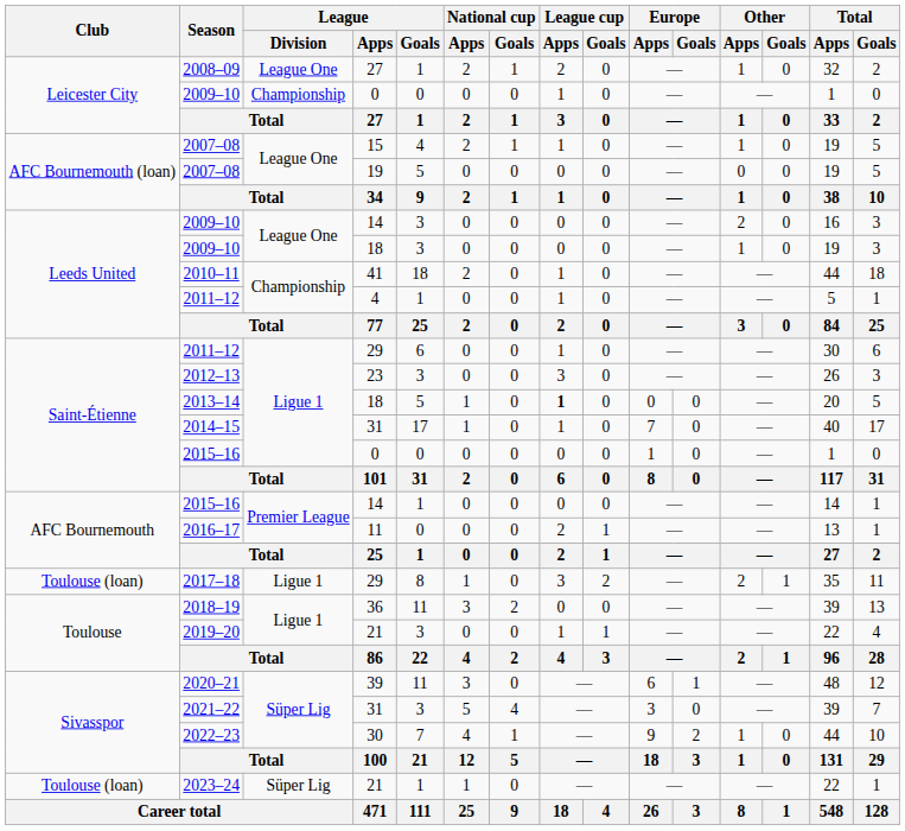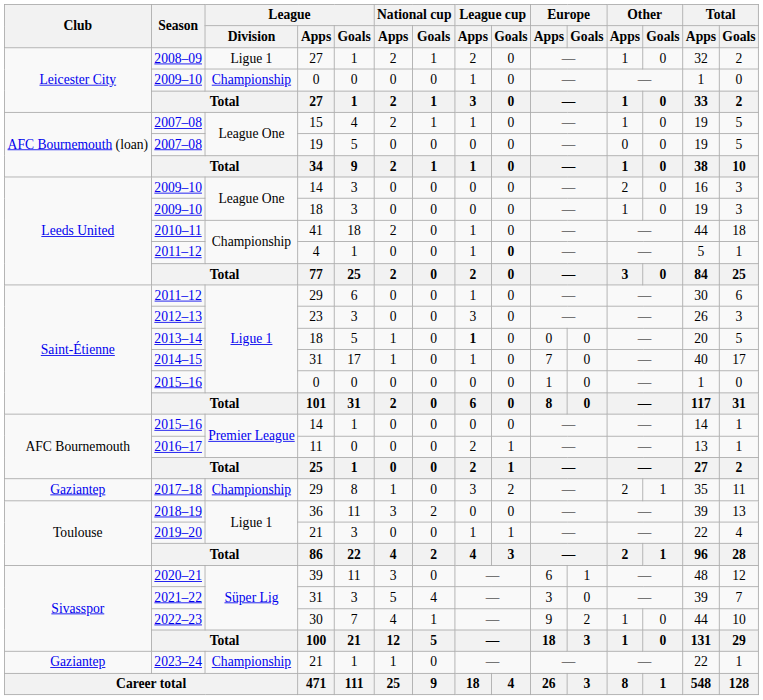 <table class="wikitable" style="text-align: center">
 <tr>
 <th rowspan="2">Club</th>
 <th rowspan="2">Season</th>
 <th colspan="3">League</th>
 <th colspan="2">National cup</th>
 <th colspan="2">League cup</th>
 <th colspan="2">Europe</th>
 <th colspan="2">Other</th>
 <th colspan="2">Total</th>
 </tr>
 <tr>
 <th>Division</th>
 <th>Apps</th>
 <th>Goals</th>
 <th>Apps</th>
 <th>Goals</th>
 <th>Apps</th>
 <th>Goals</th>
 <th>Apps</th>
 <th>Goals</th>
 <th>Apps</th>
 <th>Goals</th>
 <th>Apps</th>
 <th>Goals</th>
 </tr>
 <tr>
 <td rowspan="3"><a href='#'>Leicester City</a></td>
 <td><a href='#'>2008–09</a></td>
-<td><a href='#'>League One</a></td>
+<td>Ligue 1</td>
 <td>27</td>
 <td>1</td>
 <td>2</td>
 <td>1</td>
 <td>2</td>
 <td>0</td>
 <td colspan="2">—</td>
 <td>1</td>
 <td>0</td>
 <td>32</td>
 <td>2</td>
 </tr>
 <tr>
 <td><a href='#'>2009–10</a></td>
 <td><a href='#'>Championship</a></td>
 <td>0</td>
 <td>0</td>
 <td>0</td>
 <td>0</td>
 <td>1</td>
 <td>0</td>
 <td colspan="2">—</td>
 <td colspan="2">—</td>
 <td>1</td>
 <td>0</td>
 </tr>
 <tr>
 <th colspan="2">Total</th>
 <th>27</th>
 <th>1</th>
 <th>2</th>
 <th>1</th>
 <th>3</th>
 <th>0</th>
 <th colspan="2">—</th>
 <th>1</th>
 <th>0</th>
 <th>33</th>
 <th>2</th>
 </tr>
 <tr>
 <td rowspan="3"><a href='#'>AFC Bournemouth</a> (loan)</td>
 <td><a href='#'>2007–08</a></td>
 <td rowspan="2">League One</td>
 <td>15</td>
 <td>4</td>
 <td>2</td>
 <td>1</td>
 <td>1</td>
 <td>0</td>
 <td colspan="2">—</td>
 <td>1</td>
 <td>0</td>
 <td>19</td>
 <td>5</td>
 </tr>
 <tr>
 <td><a href='#'>2007–08</a></td>
 <td>19</td>
 <td>5</td>
 <td>0</td>
 <td>0</td>
 <td>0</td>
 <td>0</td>
 <td colspan="2">—</td>
 <td>0</td>
 <td>0</td>
 <td>19</td>
 <td>5</td>
 </tr>
 <tr>
 <th colspan="2">Total</th>
 <th>34</th>
 <th>9</th>
 <th>2</th>
 <th>1</th>
 <th>1</th>
 <th>0</th>
 <th colspan="2">—</th>
 <th>1</th>
 <th>0</th>
 <th>38</th>
 <th>10</th>
 </tr>
 <tr>
 <td rowspan="5"><a href='#'>Leeds United</a></td>
 <td><a href='#'>2009–10</a></td>
 <td rowspan="2">League One</td>
 <td>14</td>
 <td>3</td>
 <td>0</td>
 <td>0</td>
 <td>0</td>
 <td>0</td>
 <td colspan="2">—</td>
 <td>2</td>
 <td>0</td>
 <td>16</td>
 <td>3</td>
 </tr>
 <tr>
 <td><a href='#'>2009–10</a></td>
 <td>18</td>
 <td>3</td>
 <td>0</td>
 <td>0</td>
 <td>0</td>
 <td>0</td>
 <td colspan="2">—</td>
 <td>1</td>
 <td>0</td>
 <td>19</td>
 <td>3</td>
 </tr>
 <tr>
 <td><a href='#'>2010–11</a></td>
 <td rowspan="2">Championship</td>
 <td>41</td>
 <td>18</td>
 <td>2</td>
 <td>0</td>
 <td>1</td>
 <td>0</td>
 <td colspan="2">—</td>
 <td colspan="2">—</td>
 <td>44</td>
 <td>18</td>
 </tr>
 <tr>
 <td><a href='#'>2011–12</a></td>
 <td>4</td>
 <td>1</td>
 <td>0</td>
 <td>0</td>
 <td>1</td>
-<td>0</td>
+<td><strong>0</strong></td>
 <td colspan="2">—</td>
 <td colspan="2">—</td>
 <td>5</td>
 <td>1</td>
 </tr>
 <tr>
 <th colspan="2">Total</th>
 <th>77</th>
 <th>25</th>
 <th>2</th>
 <th>0</th>
 <th>2</th>
 <th>0</th>
 <th colspan="2">—</th>
 <th>3</th>
 <th>0</th>
 <th>84</th>
 <th>25</th>
 </tr>
 <tr>
 <td rowspan="6"><a href='#'>Saint-Étienne</a></td>
 <td><a href='#'>2011–12</a></td>
 <td rowspan="5"><a href='#'>Ligue 1</a></td>
 <td>29</td>
 <td>6</td>
 <td>0</td>
 <td>0</td>
 <td>1</td>
 <td>0</td>
 <td colspan="2">—</td>
 <td colspan="2">—</td>
 <td>30</td>
 <td>6</td>
 </tr>
 <tr>
 <td><a href='#'>2012–13</a></td>
 <td>23</td>
 <td>3</td>
 <td>0</td>
 <td>0</td>
 <td>3</td>
 <td>0</td>
 <td colspan="2">—</td>
 <td colspan="2">—</td>
 <td>26</td>
 <td>3</td>
 </tr>
 <tr>
 <td><a href='#'>2013–14</a></td>
 <td>18</td>
 <td>5</td>
 <td>1</td>
 <td>0</td>
 <td><strong>1</strong></td>
 <td>0</td>
 <td>0</td>
 <td>0</td>
 <td colspan="2">—</td>
 <td>20</td>
 <td>5</td>
 </tr>
 <tr>
 <td><a href='#'>2014–15</a></td>
 <td>31</td>
 <td>17</td>
 <td>1</td>
 <td>0</td>
 <td>1</td>
 <td>0</td>
 <td>7</td>
 <td>0</td>
 <td colspan="2">—</td>
 <td>40</td>
 <td>17</td>
 </tr>
 <tr>
 <td><a href='#'>2015–16</a></td>
 <td>0</td>
 <td>0</td>
 <td>0</td>
 <td>0</td>
 <td>0</td>
 <td>0</td>
 <td>1</td>
 <td>0</td>
 <td colspan="2">—</td>
 <td>1</td>
 <td>0</td>
 </tr>
 <tr>
 <th colspan="2">Total</th>
 <th>101</th>
 <th>31</th>
 <th>2</th>
 <th>0</th>
 <th>6</th>
 <th>0</th>
 <th>8</th>
 <th>0</th>
 <th colspan="2">—</th>
 <th>117</th>
 <th>31</th>
 </tr>
 <tr>
 <td rowspan="3">AFC Bournemouth</td>
 <td><a href='#'>2015–16</a></td>
 <td rowspan="2"><a href='#'>Premier League</a></td>
 <td>14</td>
 <td>1</td>
 <td>0</td>
 <td>0</td>
 <td>0</td>
 <td>0</td>
 <td colspan="2">—</td>
 <td colspan="2">—</td>
 <td>14</td>
 <td>1</td>
 </tr>
 <tr>
 <td><a href='#'>2016–17</a></td>
 <td>11</td>
 <td>0</td>
 <td>0</td>
 <td>0</td>
 <td>2</td>
 <td>1</td>
 <td colspan="2">—</td>
 <td colspan="2">—</td>
 <td>13</td>
 <td>1</td>
 </tr>
 <tr>
 <th colspan="2">Total</th>
 <th>25</th>
 <th>1</th>
 <th>0</th>
 <th>0</th>
 <th>2</th>
 <th>1</th>
 <th colspan="2">—</th>
 <th colspan="2">—</th>
 <th>27</th>
 <th>2</th>
 </tr>
 <tr>
-<td><a href='#'>Toulouse</a> (loan)</td>
+<td><a href='#'>Gaziantep</a></td>
 <td><a href='#'>2017–18</a></td>
-<td>Ligue 1</td>
+<td><a href='#'>Championship</a></td>
 <td>29</td>
 <td>8</td>
 <td>1</td>
 <td>0</td>
 <td>3</td>
 <td>2</td>
 <td colspan="2">—</td>
 <td>2</td>
 <td>1</td>
 <td>35</td>
 <td>11</td>
 </tr>
 <tr>
 <td rowspan="3">Toulouse</td>
 <td><a href='#'>2018–19</a></td>
 <td rowspan="2">Ligue 1</td>
 <td>36</td>
 <td>11</td>
 <td>3</td>
 <td>2</td>
 <td>0</td>
 <td>0</td>
 <td colspan="2">—</td>
 <td colspan="2">—</td>
 <td>39</td>
 <td>13</td>
 </tr>
 <tr>
 <td><a href='#'>2019–20</a></td>
 <td>21</td>
 <td>3</td>
 <td>0</td>
 <td>0</td>
 <td>1</td>
 <td>1</td>
 <td colspan="2">—</td>
 <td colspan="2">—</td>
 <td>22</td>
 <td>4</td>
 </tr>
 <tr>
 <th colspan="2">Total</th>
 <th>86</th>
 <th>22</th>
 <th>4</th>
 <th>2</th>
 <th>4</th>
 <th>3</th>
 <th colspan="2">—</th>
 <th>2</th>
 <th>1</th>
 <th>96</th>
 <th>28</th>
 </tr>
 <tr>
 <td rowspan="4"><a href='#'>Sivasspor</a></td>
 <td><a href='#'>2020–21</a></td>
 <td rowspan="3"><a href='#'>Süper Lig</a></td>
 <td>39</td>
 <td>11</td>
 <td>3</td>
 <td>0</td>
 <td colspan="2">—</td>
 <td>6</td>
 <td>1</td>
 <td colspan="2">—</td>
 <td>48</td>
 <td>12</td>
 </tr>
 <tr>
 <td><a href='#'>2021–22</a></td>
 <td>31</td>
 <td>3</td>
 <td>5</td>
 <td>4</td>
 <td colspan="2">—</td>
 <td>3</td>
 <td>0</td>
 <td colspan="2">—</td>
 <td>39</td>
 <td>7</td>
 </tr>
 <tr>
 <td><a href='#'>2022–23</a></td>
 <td>30</td>
 <td>7</td>
 <td>4</td>
 <td>1</td>
 <td colspan="2">—</td>
 <td>9</td>
 <td>2</td>
 <td>1</td>
 <td>0</td>
 <td>44</td>
 <td>10</td>
 </tr>
 <tr>
 <th colspan="2">Total</th>
 <th>100</th>
 <th>21</th>
 <th>12</th>
 <th>5</th>
 <th colspan="2">—</th>
 <th>18</th>
 <th>3</th>
 <th>1</th>
 <th>0</th>
 <th>131</th>
 <th>29</th>
 </tr>
 <tr>
-<td><a href='#'>Toulouse</a> (loan)</td>
+<td><a href='#'>Gaziantep</a></td>
 <td><a href='#'>2023–24</a></td>
-<td>Süper Lig</td>
+<td><a href='#'>Championship</a></td>
 <td>21</td>
 <td>1</td>
 <td>1</td>
 <td>0</td>
 <td colspan="2">—</td>
 <td colspan="2">—</td>
 <td colspan="2">—</td>
 <td>22</td>
 <td>1</td>
 </tr>
 <tr>
 <th colspan="3">Career total</th>
 <th>471</th>
 <th>111</th>
 <th>25</th>
 <th>9</th>
 <th>18</th>
 <th>4</th>
 <th>26</th>
 <th>3</th>
 <th>8</th>
 <th>1</th>
 <th>548</th>
 <th>128</th>
 </tr>
 </table>
